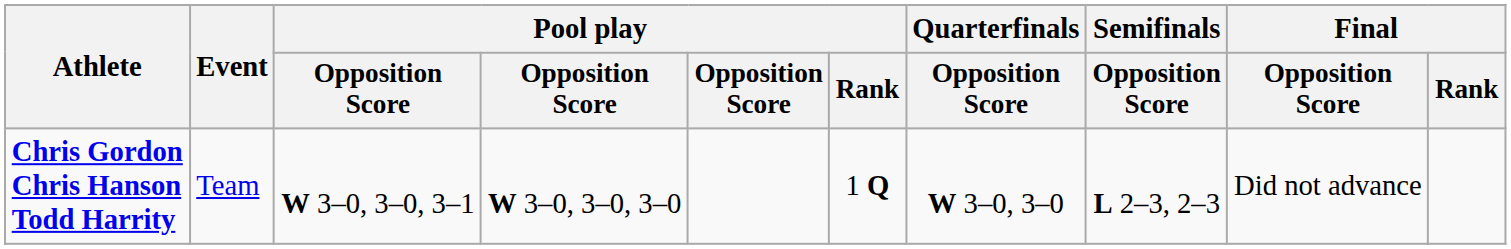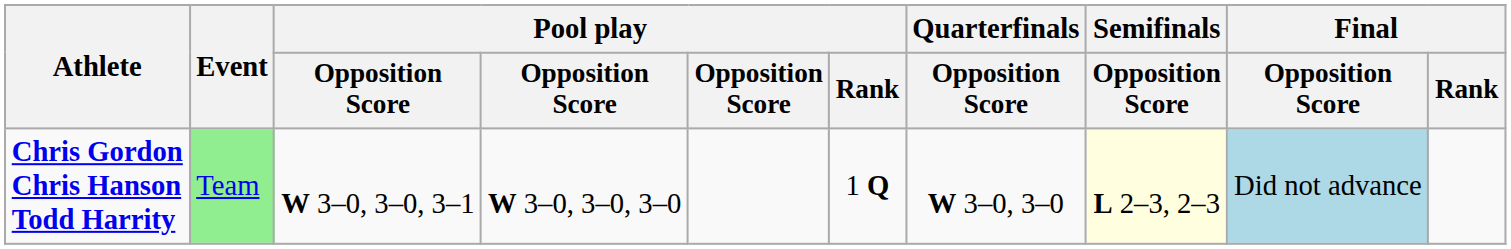 <table class=wikitable style="font-size:90%">
 <tr>
 <th rowspan=2>Athlete</th>
 <th rowspan=2>Event</th>
 <th colspan=4>Pool play</th>
 <th>Quarterfinals</th>
 <th>Semifinals</th>
 <th colspan=2>Final</th>
 </tr>
 <tr style="font-size:95%">
 <th>Opposition<br>Score</th>
 <th>Opposition<br>Score</th>
 <th>Opposition<br>Score</th>
 <th>Rank</th>
 <th>Opposition<br>Score</th>
 <th>Opposition<br>Score</th>
 <th>Opposition<br>Score</th>
 <th>Rank</th>
 </tr>
 <tr align=center>
 <td align=left><strong><a href='#'>Chris Gordon</a><br><a href='#'>Chris Hanson</a><br><a href='#'>Todd Harrity</a></strong></td>
-<td align=left><a href='#'>Team</a></td>
+<td align=left style="background: lightgreen;"><a href='#'>Team</a></td>
 <td><br><strong>W</strong> 3–0, 3–0, 3–1</td>
 <td><br><strong>W</strong> 3–0, 3–0, 3–0</td>
 <td></td>
 <td>1 <strong>Q</strong></td>
 <td><br><strong>W</strong> 3–0, 3–0</td>
-<td><br><strong>L</strong> 2–3, 2–3</td>
-<td>Did not advance</td>
+<td style="background: lightyellow;"><br><strong>L</strong> 2–3, 2–3</td>
+<td style="background: lightblue;">Did not advance</td>
 <td></td>
 </tr>
 </table>
